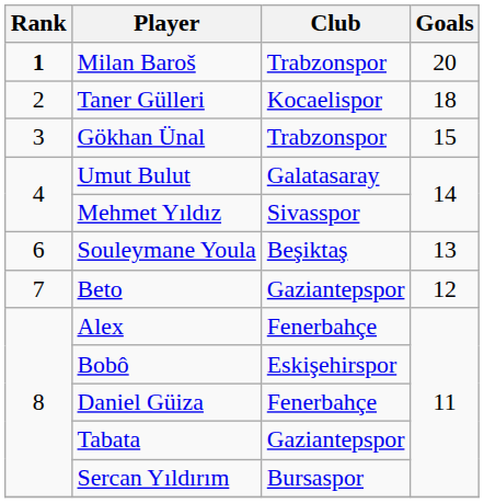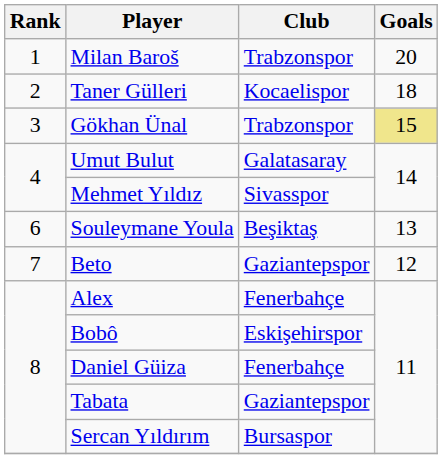 <table class="wikitable" style="text-align: left;">
 <tr>
 <th>Rank</th>
 <th>Player</th>
 <th>Club</th>
 <th>Goals</th>
 </tr>
 <tr>
-<td align=center><strong>1</strong></td>
+<td align=center>1</td>
 <td> <a href='#'>Milan Baroš</a></td>
 <td><a href='#'>Trabzonspor</a></td>
 <td align=center>20</td>
 </tr>
 <tr>
 <td align=center>2</td>
 <td> <a href='#'>Taner Gülleri</a></td>
 <td><a href='#'>Kocaelispor</a></td>
 <td align=center>18</td>
 </tr>
 <tr>
 <td align=center>3</td>
 <td> <a href='#'>Gökhan Ünal</a></td>
 <td><a href='#'>Trabzonspor</a></td>
-<td align=center>15</td>
+<td align=center style="background: khaki;">15</td>
 </tr>
 <tr>
 <td rowspan="2" align=center>4</td>
 <td> <a href='#'>Umut Bulut</a></td>
 <td><a href='#'>Galatasaray</a></td>
 <td rowspan="2"align=center>14</td>
 </tr>
 <tr>
 <td> <a href='#'>Mehmet Yıldız</a></td>
 <td><a href='#'>Sivasspor</a></td>
 </tr>
 <tr>
 <td align=center>6</td>
 <td> <a href='#'>Souleymane Youla</a></td>
 <td><a href='#'>Beşiktaş</a></td>
 <td align=center>13</td>
 </tr>
 <tr>
 <td align=center>7</td>
 <td> <a href='#'>Beto</a></td>
 <td><a href='#'>Gaziantepspor</a></td>
 <td align=center>12</td>
 </tr>
 <tr>
 <td rowspan="5" align=center>8</td>
 <td> <a href='#'>Alex</a></td>
 <td><a href='#'>Fenerbahçe</a></td>
 <td rowspan="5" align=center>11</td>
 </tr>
 <tr>
 <td> <a href='#'>Bobô</a></td>
 <td><a href='#'>Eskişehirspor</a></td>
 </tr>
 <tr>
 <td> <a href='#'>Daniel Güiza</a></td>
 <td><a href='#'>Fenerbahçe</a></td>
 </tr>
 <tr>
 <td> <a href='#'>Tabata</a></td>
 <td><a href='#'>Gaziantepspor</a></td>
 </tr>
 <tr>
 <td> <a href='#'>Sercan Yıldırım</a></td>
 <td><a href='#'>Bursaspor</a></td>
 </tr>
 <tr>
 </tr>
 </table>
